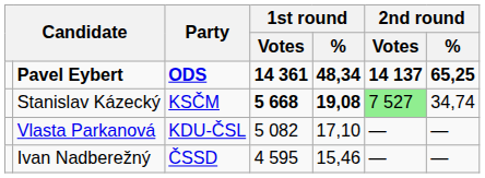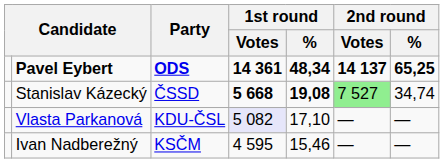 <table class="wikitable sortable">
 <tr>
 <th colspan="2" rowspan="2">Candidate</th>
 <th rowspan="2">Party</th>
 <th colspan="2">1st round</th>
 <th colspan="2">2nd round</th>
 </tr>
 <tr>
 <th>Votes</th>
 <th>%</th>
 <th>Votes</th>
 <th>%</th>
 </tr>
 <tr>
 <td style="background-color:"></td>
 <td><strong>Pavel Eybert</strong></td>
 <td><a href='#'><strong>ODS</strong></a></td>
 <td><strong>14 361</strong></td>
 <td><strong>48,34</strong></td>
 <td><strong>14 137</strong></td>
 <td><strong>65,25</strong></td>
 </tr>
 <tr>
 <td style="background-color:"></td>
 <td>Stanislav Kázecký</td>
-<td><a href='#'>KSČM</a></td>
+<td><a href='#'>ČSSD</a></td>
 <td><strong>5 668</strong></td>
 <td><strong>19,08</strong></td>
 <td style="background: lightgreen;">7 527</td>
 <td>34,74</td>
 </tr>
 <tr>
 <td style="background-color:"></td>
 <td><a href='#'>Vlasta Parkanová</a></td>
 <td><a href='#'>KDU-ČSL</a></td>
-<td>5 082</td>
+<td style="background: lavender;">5 082</td>
 <td>17,10</td>
 <td>—</td>
 <td>—</td>
 </tr>
 <tr>
 <td style="background-color:"></td>
 <td>Ivan Nadberežný</td>
-<td><a href='#'>ČSSD</a></td>
+<td><a href='#'>KSČM</a></td>
 <td>4 595</td>
 <td>15,46</td>
 <td>—</td>
 <td>—</td>
 </tr>
 </table>
